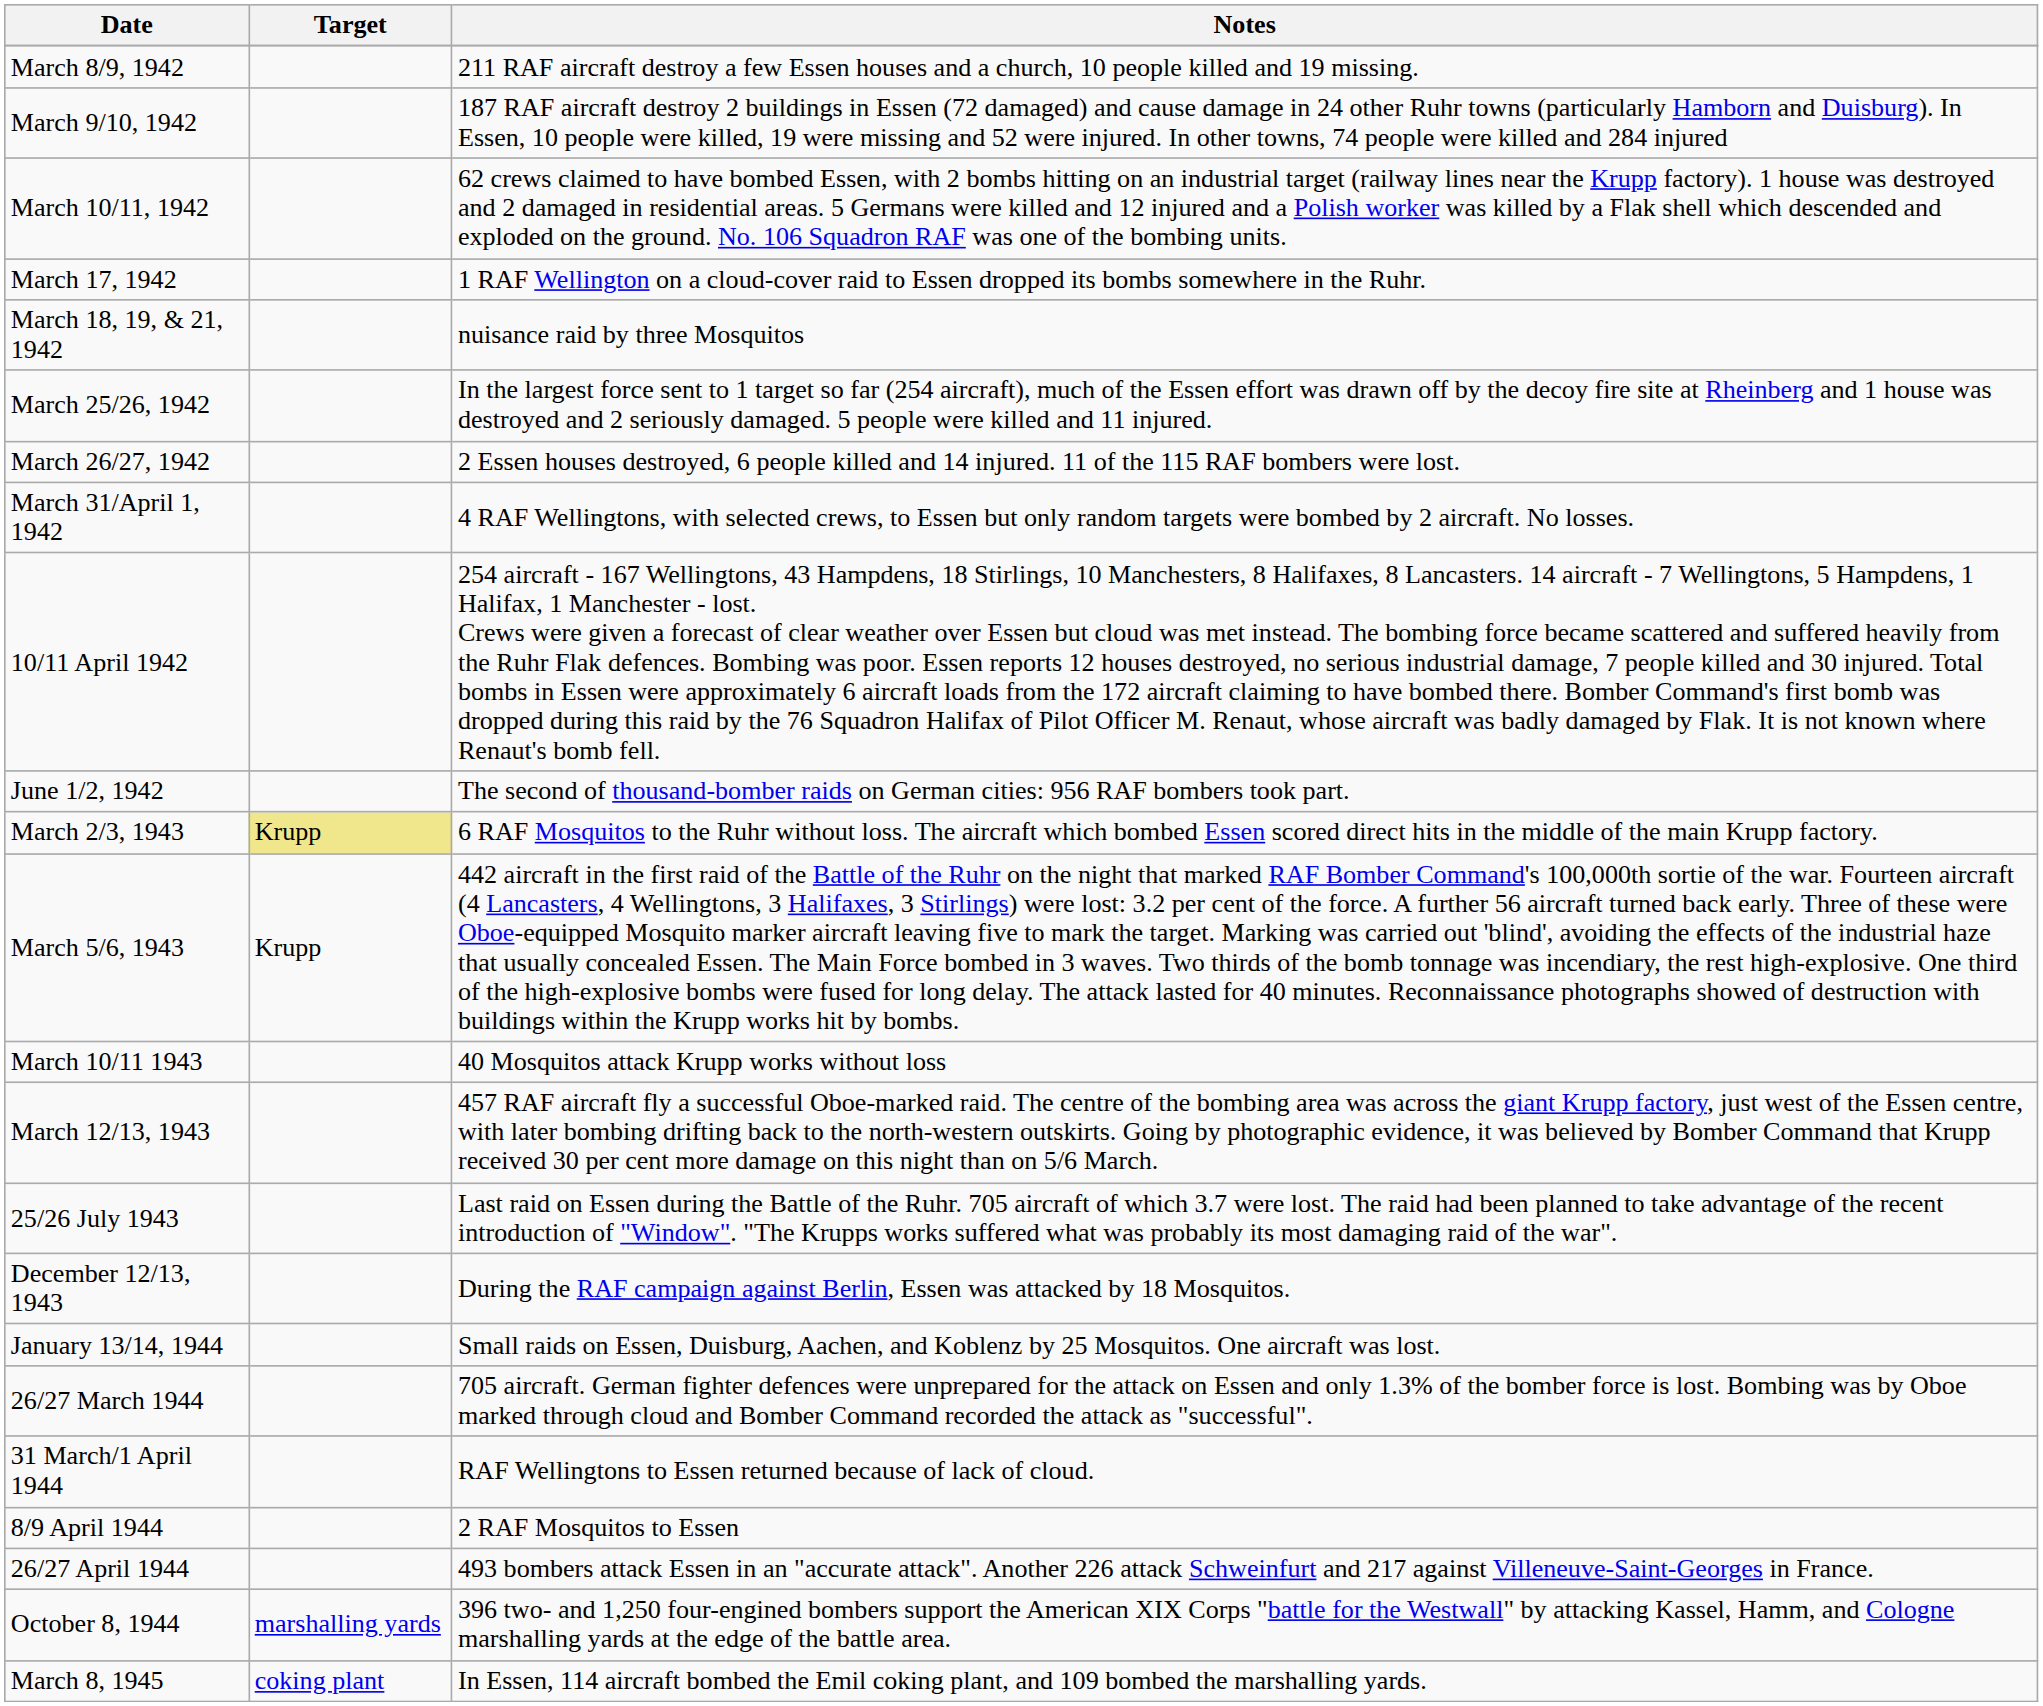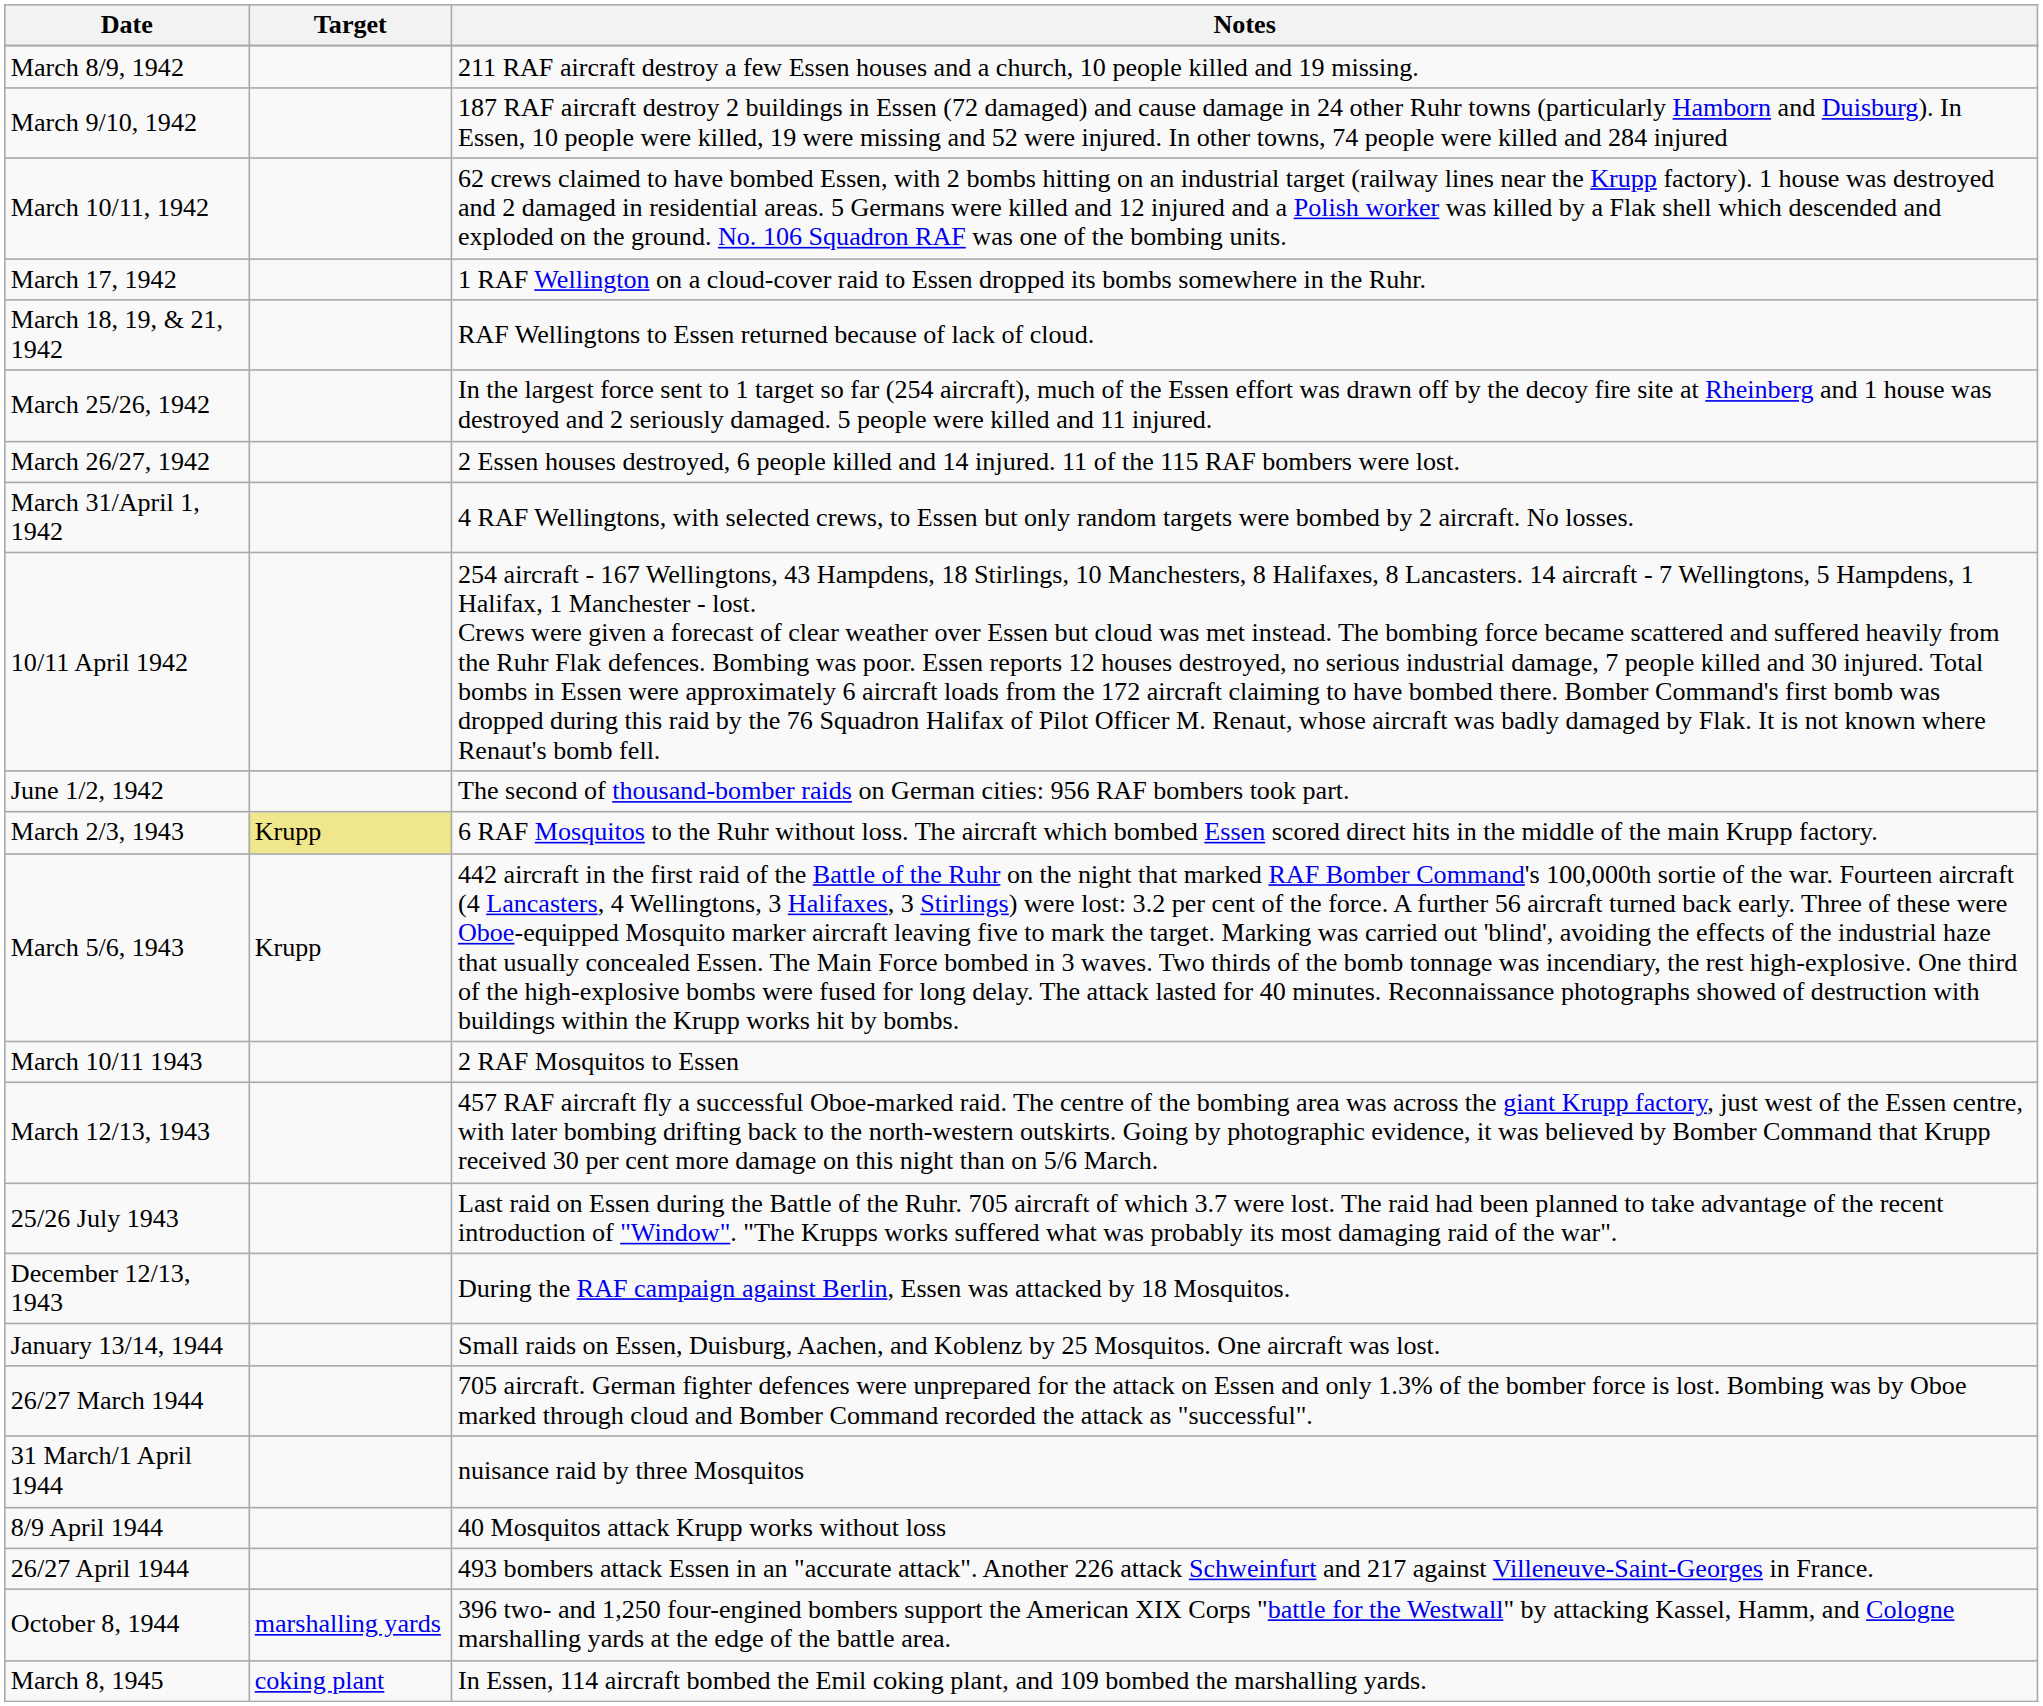 <table class="wikitable sortable">
 <tr>
 <th width=12%>Date</th>
 <th width=10%>Target</th>
 <th>Notes</th>
 </tr>
 <tr>
 </tr>
 <tr>
 <td>March 8/9, 1942</td>
 <td></td>
 <td>211 RAF aircraft destroy a few Essen houses and a church, 10 people killed and 19 missing.</td>
 </tr>
 <tr>
 <td>March 9/10, 1942</td>
 <td></td>
 <td>187 RAF aircraft destroy 2 buildings in Essen (72 damaged) and cause damage in 24 other Ruhr towns (particularly <a href='#'>Hamborn</a> and <a href='#'>Duisburg</a>). In Essen, 10 people were killed, 19 were missing and 52 were injured. In other towns, 74 people were killed and 284 injured</td>
 </tr>
 <tr>
 <td>March 10/11, 1942</td>
 <td></td>
 <td>62 crews claimed to have bombed Essen, with 2 bombs hitting on an industrial target (railway lines near the <a href='#'>Krupp</a> factory). 1 house was destroyed and 2 damaged in residential areas. 5 Germans were killed and 12 injured and a <a href='#'>Polish worker</a> was killed by a Flak shell which descended and exploded on the ground. <a href='#'>No. 106 Squadron RAF</a> was one of the bombing units.</td>
 </tr>
 <tr>
 <td>March 17, 1942</td>
 <td></td>
 <td>1 RAF <a href='#'>Wellington</a> on a cloud-cover raid to Essen dropped its bombs somewhere in the Ruhr.</td>
 </tr>
 <tr>
 <td>March 18, 19, & 21, 1942</td>
 <td></td>
-<td>nuisance raid by three Mosquitos</td>
+<td>RAF Wellingtons to Essen returned because of lack of cloud.</td>
 </tr>
 <tr>
 <td>March 25/26, 1942</td>
 <td></td>
 <td>In the largest force sent to 1 target so far (254 aircraft), much of the Essen effort was drawn off by the decoy fire site at <a href='#'>Rheinberg</a> and 1 house was destroyed and 2 seriously damaged. 5 people were killed and 11 injured.</td>
 </tr>
 <tr>
 <td>March 26/27, 1942</td>
 <td></td>
 <td>2 Essen houses destroyed, 6 people killed and 14 injured. 11 of the 115 RAF bombers were lost.</td>
 </tr>
 <tr>
 <td>March 31/April 1, 1942</td>
 <td></td>
 <td>4 RAF Wellingtons, with selected crews, to Essen but only random targets were bombed by 2 aircraft. No losses.</td>
 </tr>
 <tr>
 <td>10/11 April 1942</td>
 <td></td>
 <td>254 aircraft - 167 Wellingtons, 43 Hampdens, 18 Stirlings, 10 Manchesters, 8 Halifaxes, 8 Lancasters. 14 aircraft - 7 Wellingtons, 5 Hampdens, 1 Halifax, 1 Manchester - lost.<br>Crews were given a forecast of clear weather over Essen but cloud was met instead. The bombing force became scattered and suffered heavily from the Ruhr Flak defences. Bombing was poor. Essen reports 12 houses destroyed, no serious industrial damage, 7 people killed and 30 injured. Total bombs in Essen were approximately 6 aircraft loads from the 172 aircraft claiming to have bombed there. Bomber Command's first  bomb was dropped during this raid by the 76 Squadron Halifax of Pilot Officer M. Renaut, whose aircraft was badly damaged by Flak. It is not known where Renaut's bomb fell.</td>
 </tr>
 <tr>
 <td>June 1/2, 1942</td>
 <td></td>
 <td>The second of <a href='#'>thousand-bomber raids</a> on German cities: 956 RAF bombers took part.</td>
 </tr>
 <tr>
 <td>March 2/3, 1943</td>
 <td style="background: khaki;">Krupp</td>
 <td>6 RAF <a href='#'>Mosquitos</a> to the Ruhr without loss. The aircraft which bombed <a href='#'>Essen</a> scored direct hits in the middle of the main Krupp factory.</td>
 </tr>
 <tr>
 <td>March 5/6, 1943</td>
 <td>Krupp</td>
 <td>442 aircraft in the first raid of the <a href='#'>Battle of the Ruhr</a> on the night that marked <a href='#'>RAF Bomber Command</a>'s 100,000th sortie of the war. Fourteen aircraft (4 <a href='#'>Lancasters</a>, 4 Wellingtons, 3 <a href='#'>Halifaxes</a>, 3 <a href='#'>Stirlings</a>) were lost: 3.2 per cent of the force. A further 56 aircraft turned back early. Three of these were <a href='#'>Oboe</a>-equipped Mosquito marker aircraft leaving five to mark the target. Marking was carried out 'blind', avoiding the effects of the industrial haze that usually concealed Essen. The Main Force bombed in 3 waves. Two thirds of the bomb tonnage was incendiary, the rest high-explosive. One third of the high-explosive bombs were fused for long delay. The attack lasted for 40 minutes. Reconnaissance photographs showed  of destruction with buildings within the Krupp works hit by bombs.</td>
 </tr>
 <tr>
 <td>March 10/11 1943</td>
 <td></td>
-<td>40 Mosquitos attack Krupp works without loss</td>
+<td>2 RAF Mosquitos to Essen</td>
 </tr>
 <tr>
 <td>March 12/13, 1943</td>
 <td></td>
 <td>457 RAF aircraft fly a successful Oboe-marked raid. The centre of the bombing area was across the <a href='#'>giant Krupp factory</a>, just west of the Essen centre, with later bombing drifting back to the north-western outskirts. Going by photographic evidence, it was believed by Bomber Command that Krupp received 30 per cent more damage on this night than on 5/6 March.</td>
 </tr>
 <tr>
 <td>25/26 July 1943</td>
 <td></td>
 <td>Last raid on Essen during the Battle of the Ruhr. 705 aircraft of which 3.7 were lost. The raid had been planned to take advantage of the recent introduction of <a href='#'>"Window"</a>. "The Krupps works suffered what was probably its most damaging raid of the war".</td>
 </tr>
 <tr>
 <td>December 12/13, 1943</td>
 <td></td>
 <td>During the <a href='#'>RAF campaign against Berlin</a>, Essen was attacked by 18 Mosquitos.</td>
 </tr>
 <tr>
 <td>January 13/14, 1944</td>
 <td></td>
 <td>Small raids on Essen, Duisburg, Aachen, and Koblenz by 25 Mosquitos. One aircraft was lost.</td>
 </tr>
 <tr>
 <td>26/27 March 1944</td>
 <td></td>
 <td>705 aircraft. German fighter defences were unprepared for the attack on Essen and only 1.3% of the bomber force is lost. Bombing was by Oboe marked through cloud and Bomber Command recorded the attack as "successful".</td>
 </tr>
 <tr>
 <td>31 March/1 April 1944</td>
 <td></td>
-<td>RAF Wellingtons to Essen returned because of lack of cloud.</td>
+<td>nuisance raid by three Mosquitos</td>
 </tr>
 <tr>
 <td>8/9 April 1944</td>
 <td></td>
-<td>2 RAF Mosquitos to Essen</td>
+<td>40 Mosquitos attack Krupp works without loss</td>
 </tr>
 <tr>
 <td>26/27 April 1944</td>
 <td></td>
 <td>493 bombers attack Essen in an "accurate attack". Another 226 attack <a href='#'>Schweinfurt</a> and 217 against <a href='#'>Villeneuve-Saint-Georges</a> in France.</td>
 </tr>
 <tr>
 <td>October 8, 1944</td>
 <td><a href='#'>marshalling yards</a></td>
 <td>396 two- and 1,250 four-engined bombers support the American XIX Corps "<a href='#'>battle for the Westwall</a>" by attacking Kassel, Hamm, and <a href='#'>Cologne</a> marshalling yards at the edge of the battle area.</td>
 </tr>
 <tr>
 <td>March 8, 1945</td>
 <td><a href='#'>coking plant</a></td>
 <td> In Essen, 114 aircraft bombed the Emil coking plant, and 109 bombed the marshalling yards.</td>
 </tr>
 <tr>
 </tr>
 </table>
